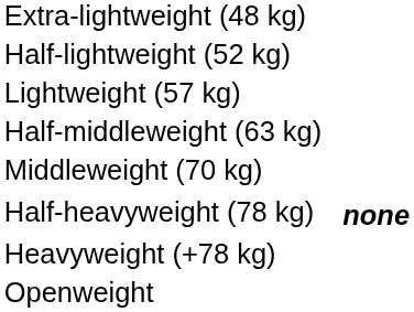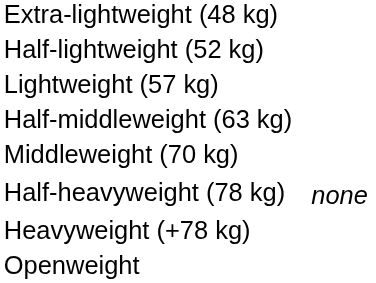 <table>
 <tr>
 <td rowspan=2>Extra-lightweight (48 kg)<br></td>
 <td rowspan=2></td>
 <td rowspan=2></td>
 <td></td>
 </tr>
 <tr>
 <td></td>
 </tr>
 <tr>
 <td rowspan=2>Half-lightweight (52 kg)<br></td>
 <td rowspan=2></td>
 <td rowspan=2></td>
 <td></td>
 </tr>
 <tr>
 <td></td>
 </tr>
 <tr>
 <td rowspan=2>Lightweight (57 kg)<br></td>
 <td rowspan=2></td>
 <td rowspan=2></td>
 <td></td>
 </tr>
 <tr>
 <td></td>
 </tr>
 <tr>
 <td rowspan=2>Half-middleweight (63 kg)<br></td>
 <td rowspan=2></td>
 <td rowspan=2></td>
 <td></td>
 </tr>
 <tr>
 <td></td>
 </tr>
 <tr>
 <td rowspan=2>Middleweight (70 kg)<br></td>
 <td rowspan=2></td>
 <td rowspan=2></td>
 <td></td>
 </tr>
 <tr>
 <td></td>
 </tr>
 <tr>
 <td rowspan=2>Half-heavyweight (78 kg)<br></td>
 <td rowspan=2></td>
 <td rowspan=2></td>
 <td></td>
 </tr>
 <tr>
-<td><strong><em>none</em></strong></td>
+<td><em>none</em></td>
 </tr>
 <tr>
 <td rowspan=2>Heavyweight (+78 kg)<br></td>
 <td rowspan=2></td>
 <td rowspan=2></td>
 <td></td>
 </tr>
 <tr>
 <td></td>
 </tr>
 <tr>
 <td rowspan=2>Openweight<br></td>
 <td rowspan=2></td>
 <td rowspan=2></td>
 <td></td>
 </tr>
 <tr>
 <td></td>
 </tr>
 </table>
